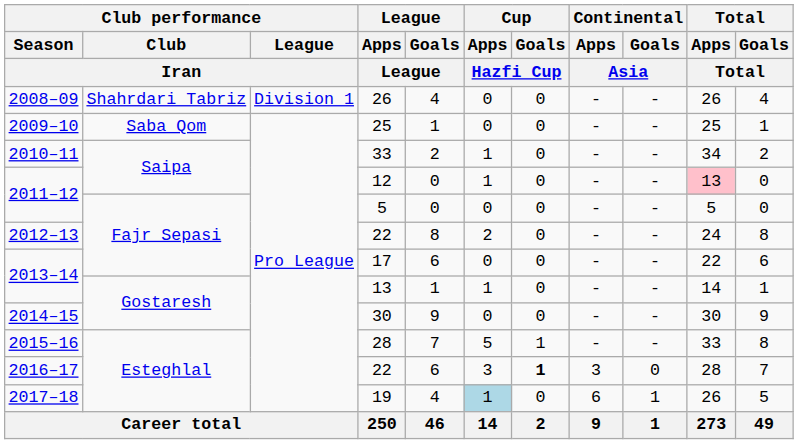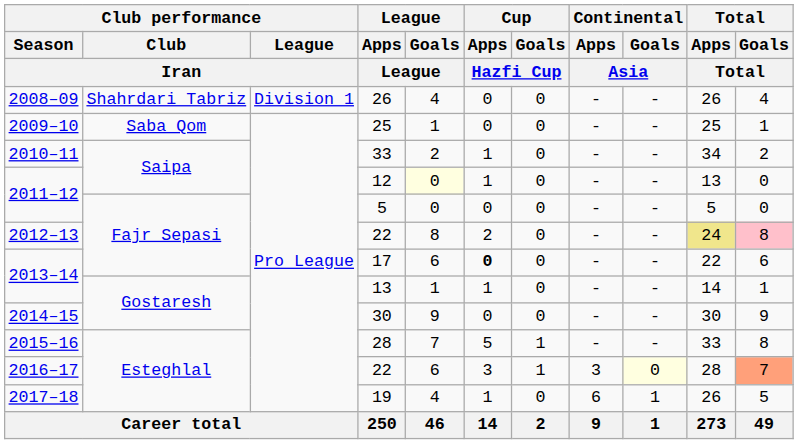 <table class="wikitable" style="text-align:center">
 <tr>
 <th colspan=3>Club performance</th>
 <th colspan=2>League</th>
 <th colspan=2>Cup</th>
 <th colspan=2>Continental</th>
 <th colspan=2>Total</th>
 </tr>
 <tr>
 <th>Season</th>
 <th>Club</th>
 <th>League</th>
 <th>Apps</th>
 <th>Goals</th>
 <th>Apps</th>
 <th>Goals</th>
 <th>Apps</th>
 <th>Goals</th>
 <th>Apps</th>
 <th>Goals</th>
 </tr>
 <tr>
 <th colspan=3>Iran</th>
 <th colspan=2>League</th>
 <th colspan=2><a href='#'>Hazfi Cup</a></th>
 <th colspan=2><a href='#'>Asia</a></th>
 <th colspan=2>Total</th>
 </tr>
 <tr>
 <td><a href='#'>2008–09</a></td>
 <td><a href='#'>Shahrdari Tabriz</a></td>
 <td><a href='#'>Division 1</a></td>
 <td>26</td>
 <td>4</td>
 <td>0</td>
 <td>0</td>
 <td>-</td>
 <td>-</td>
 <td>26</td>
 <td>4</td>
 </tr>
 <tr>
 <td><a href='#'>2009–10</a></td>
 <td><a href='#'>Saba Qom</a></td>
 <td rowspan="11"><a href='#'>Pro League</a></td>
 <td>25</td>
 <td>1</td>
 <td>0</td>
 <td>0</td>
 <td>-</td>
 <td>-</td>
 <td>25</td>
 <td>1</td>
 </tr>
 <tr>
 <td><a href='#'>2010–11</a></td>
 <td rowspan="2"><a href='#'>Saipa</a></td>
 <td>33</td>
 <td>2</td>
 <td>1</td>
 <td>0</td>
 <td>-</td>
 <td>-</td>
 <td>34</td>
 <td>2</td>
 </tr>
 <tr>
 <td rowspan="2"><a href='#'>2011–12</a></td>
 <td>12</td>
-<td>0</td>
+<td style="background: lightyellow;">0</td>
 <td>1</td>
 <td>0</td>
 <td>-</td>
 <td>-</td>
-<td style="background: pink;">13</td>
+<td>13</td>
 <td>0</td>
 </tr>
 <tr>
 <td rowspan="3"><a href='#'>Fajr Sepasi</a></td>
 <td>5</td>
 <td>0</td>
 <td>0</td>
 <td>0</td>
 <td>-</td>
 <td>-</td>
 <td>5</td>
 <td>0</td>
 </tr>
 <tr>
 <td><a href='#'>2012–13</a></td>
 <td>22</td>
 <td>8</td>
 <td>2</td>
 <td>0</td>
 <td>-</td>
 <td>-</td>
-<td>24</td>
-<td>8</td>
+<td style="background: khaki;">24</td>
+<td style="background: pink;">8</td>
 </tr>
 <tr>
 <td rowspan="2"><a href='#'>2013–14</a></td>
 <td>17</td>
 <td>6</td>
-<td>0</td>
+<td><strong>0</strong></td>
 <td>0</td>
 <td>-</td>
 <td>-</td>
 <td>22</td>
 <td>6</td>
 </tr>
 <tr>
 <td rowspan="2"><a href='#'>Gostaresh</a></td>
 <td>13</td>
 <td>1</td>
 <td>1</td>
 <td>0</td>
 <td>-</td>
 <td>-</td>
 <td>14</td>
 <td>1</td>
 </tr>
 <tr>
 <td><a href='#'>2014–15</a></td>
 <td>30</td>
 <td>9</td>
 <td>0</td>
 <td>0</td>
 <td>-</td>
 <td>-</td>
 <td>30</td>
 <td>9</td>
 </tr>
 <tr>
 <td><a href='#'>2015–16</a></td>
 <td rowspan="3"><a href='#'>Esteghlal</a></td>
 <td>28</td>
 <td>7</td>
 <td>5</td>
 <td>1</td>
 <td>-</td>
 <td>-</td>
 <td>33</td>
 <td>8</td>
 </tr>
 <tr>
 <td rowspan="1"><a href='#'>2016–17</a></td>
 <td>22</td>
 <td>6</td>
 <td>3</td>
-<td><strong>1</strong></td>
+<td>1</td>
 <td>3</td>
-<td>0</td>
+<td style="background: lightyellow;">0</td>
 <td>28</td>
-<td>7</td>
+<td style="background: lightsalmon;">7</td>
 </tr>
 <tr>
 <td><a href='#'>2017–18</a></td>
 <td>19</td>
 <td>4</td>
-<td style="background: lightblue;">1</td>
+<td>1</td>
 <td>0</td>
 <td>6</td>
 <td>1</td>
 <td>26</td>
 <td>5</td>
 </tr>
 <tr>
 <th colspan="3">Career total</th>
 <th>250</th>
 <th>46</th>
 <th>14</th>
 <th>2</th>
 <th>9</th>
 <th>1</th>
 <th>273</th>
 <th>49</th>
 </tr>
 </table>
